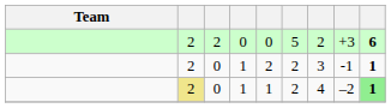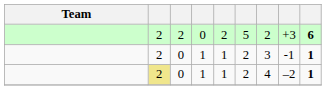 <table class="wikitable" style="text-align: center;">
 <tr>
 <th width="175">Team</th>
 <th width="20"></th>
 <th width="20"></th>
 <th width="20"></th>
 <th width="20"></th>
 <th width="20"></th>
 <th width="20"></th>
 <th width="20"></th>
 <th width="20"></th>
 </tr>
 <tr bgcolor=ccffcc>
 <td align=left></td>
 <td>2</td>
 <td>2</td>
 <td>0</td>
-<td>0</td>
+<td>2</td>
 <td>5</td>
 <td>2</td>
 <td>+3</td>
 <td><strong>6</strong></td>
 </tr>
 <tr>
 <td align=left></td>
 <td>2</td>
 <td>0</td>
 <td>1</td>
-<td>2</td>
+<td>1</td>
 <td>2</td>
 <td>3</td>
 <td>-1</td>
 <td><strong>1</strong></td>
 </tr>
 <tr>
 <td align=left></td>
 <td style="background: khaki;">2</td>
 <td>0</td>
 <td>1</td>
 <td>1</td>
 <td>2</td>
 <td>4</td>
 <td>–2</td>
-<td style="background: lightgreen;"><strong>1</strong></td>
+<td><strong>1</strong></td>
 </tr>
 <tr>
 </tr>
 </table>
